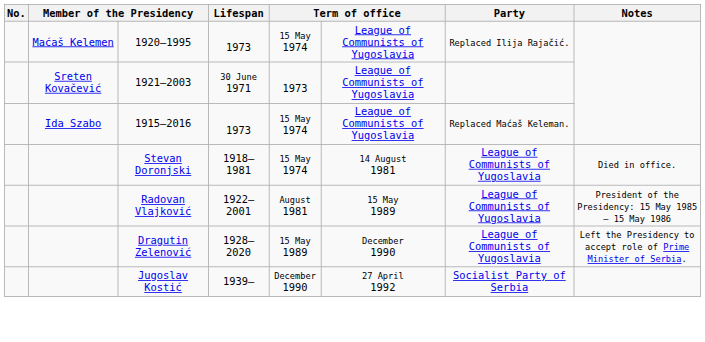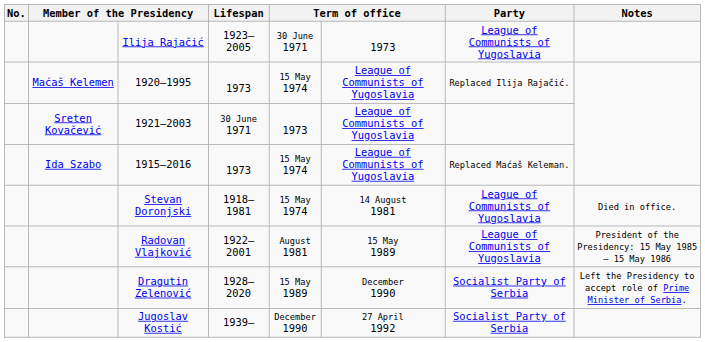 <table class="wikitable" style="text-align:center">
 <tr>
 <th>No.</th>
 <th colspan="2">Member of the Presidency</th>
 <th>Lifespan</th>
 <th colspan="2">Term of office</th>
 <th>Party</th>
 <th>Notes</th>
+</tr>
+<tr>
+<td style="background: "></td>
+<td style="width:1em;"></td>
+<td style="width:11em;"><a href='#'>Ilija Rajačić</a></td>
+<td style="width:6em;">1923–2005</td>
+<td style="width:5em;"><small>30 June</small><br>1971</td>
+<td style="width:5em;"><small></small><br>1973</td>
+<td style="width:17em;"><a href='#'>League of Communists of Yugoslavia</a></td>
+<td style="width:18em;"><small></small></td>
 </tr>
 <tr>
 <td style="width:1em;"></td>
 <td style="width:11em;"><a href='#'>Maćaš Kelemen</a></td>
 <td style="width:6em;">1920–1995</td>
 <td style="width:5em;"><small></small><br>1973</td>
 <td style="width:5em;"><small>15 May</small><br>1974</td>
 <td style="width:17em;"><a href='#'>League of Communists of Yugoslavia</a></td>
 <td style="width:18em;"><small>Replaced Ilija Rajačić.</small></td>
 </tr>
 <tr>
 <td style="width:1em;"></td>
 <td style="width:11em;"><a href='#'>Sreten Kovačević</a></td>
 <td style="width:6em;">1921–2003</td>
 <td style="width:5em;"><small>30 June</small><br>1971</td>
 <td style="width:5em;"><small></small><br>1973</td>
 <td style="width:17em;"><a href='#'>League of Communists of Yugoslavia</a></td>
 <td style="width:18em;"><small></small></td>
 </tr>
 <tr>
 <td style="width:1em;"></td>
 <td style="width:11em;"><a href='#'>Ida Szabo</a></td>
 <td style="width:6em;">1915–2016</td>
 <td style="width:5em;"><small></small><br>1973</td>
 <td style="width:5em;"><small>15 May</small><br>1974</td>
 <td style="width:17em;"><a href='#'>League of Communists of Yugoslavia</a></td>
 <td style="width:18em;"><small>Replaced Maćaš Keleman.</small></td>
 </tr>
 <tr>
 <td style="background: "></td>
 <td style="width:1em;"></td>
 <td style="width:11em;"><a href='#'>Stevan Doronjski</a></td>
 <td style="width:6em;">1918–1981</td>
 <td style="width:5em;"><small>15 May</small><br>1974</td>
 <td style="width:5em;"><small>14 August</small><br>1981</td>
 <td style="width:17em;"><a href='#'>League of Communists of Yugoslavia</a></td>
 <td style="width:18em;"><small>Died in office.</small></td>
 </tr>
 <tr>
 <td style="background: "></td>
 <td style="width:1em;"></td>
 <td style="width:11em;"><a href='#'>Radovan Vlajković</a></td>
 <td style="width:6em;">1922–2001</td>
 <td style="width:5em;"><small>August</small><br>1981</td>
 <td style="width:5em;"><small>15 May</small><br>1989</td>
 <td style="width:17em;"><a href='#'>League of Communists of Yugoslavia</a></td>
 <td style="width:18em;"><small>President of the Presidency: 15 May 1985 – 15 May 1986</small></td>
 </tr>
 <tr>
 <td style="background: "></td>
 <td style="width:1em;"></td>
 <td style="width:11em;"><a href='#'>Dragutin Zelenović</a></td>
 <td style="width:6em;">1928–2020</td>
 <td style="width:5em;"><small>15 May</small><br>1989</td>
 <td style="width:5em;"><small>December</small><br>1990</td>
-<td style="width:17em;"><a href='#'>League of Communists of Yugoslavia</a></td>
+<td style="width:17em;"><a href='#'>Socialist Party of Serbia</a></td>
 <td style="width:18em;"><small>Left the Presidency to accept role of <a href='#'>Prime Minister of Serbia</a>.</small></td>
 </tr>
 <tr>
 <td style="background: "></td>
 <td style="width:1em;"></td>
 <td style="width:11em;"><a href='#'>Jugoslav Kostić</a></td>
 <td style="width:6em;">1939–</td>
 <td style="width:5em;"><small>December</small><br>1990</td>
 <td style="width:5em;"><small>27 April</small><br>1992</td>
 <td style="width:17em;"><a href='#'>Socialist Party of Serbia</a></td>
 <td style="width:18em;"><small></small></td>
 </tr>
 </table>
